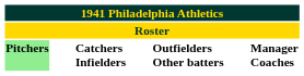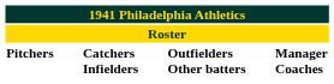 <table class="toccolours" style="font-size: 95%;">
 <tr>
 <th colspan="10" style="background-color: #003831; color: #FFD800; text-align: center;">1941 Philadelphia Athletics</th>
 </tr>
 <tr>
 <td colspan="10" style="background-color: #FFD800; color: #003831; text-align: center;"><strong>Roster</strong></td>
 </tr>
 <tr>
-<td valign="top" style="background: lightgreen;"><strong>Pitchers</strong><br>                  </td>
+<td valign="top"><strong>Pitchers</strong><br>                  </td>
 <td width="25px"></td>
 <td valign="top"><strong>Catchers</strong><br>   <strong>Infielders</strong>        </td>
 <td width="25px"></td>
 <td valign="top"><strong>Outfielders</strong><br>         <strong>Other batters</strong> </td>
 <td width="25px"></td>
 <td valign="top"><strong>Manager</strong><br> <strong>Coaches</strong>   </td>
 </tr>
 </table>
